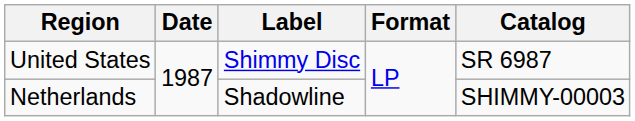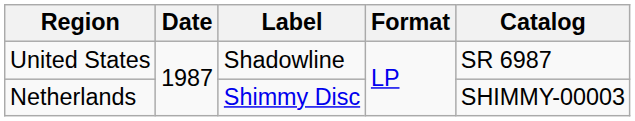 <table class="wikitable">
 <tr>
 <th>Region</th>
 <th>Date</th>
 <th>Label</th>
 <th>Format</th>
 <th>Catalog</th>
 </tr>
 <tr>
 <td>United States</td>
 <td rowspan="2">1987</td>
-<td><a href='#'>Shimmy Disc</a></td>
+<td>Shadowline</td>
 <td rowspan="2"><a href='#'>LP</a></td>
 <td>SR 6987</td>
 </tr>
 <tr>
 <td>Netherlands</td>
-<td>Shadowline</td>
+<td><a href='#'>Shimmy Disc</a></td>
 <td>SHIMMY-00003</td>
 </tr>
 </table>
